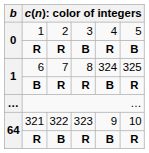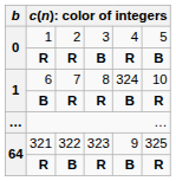 <table class="wikitable floatright" style="text-align:right">
 <tr>
 <th><em>b</em></th>
 <th colspan="5"><em>c</em>(<em>n</em>): color of integers</th>
 </tr>
 <tr>
 <th rowspan="2">0</th>
 <td>1</td>
 <td>2</td>
 <td>3</td>
 <td>4</td>
 <td>5</td>
 </tr>
 <tr>
 <td> <strong><span>R</span></strong> </td>
 <td> <strong><span>R</span></strong> </td>
 <td> <strong><span>B</span></strong> </td>
 <td> <strong><span>R</span></strong> </td>
 <td> <strong><span>B</span></strong> </td>
 </tr>
 <tr>
 <th rowspan="2">1</th>
 <td>6</td>
 <td>7</td>
 <td>8</td>
 <td>324</td>
-<td>325</td>
+<td>10</td>
 </tr>
 <tr>
 <td> <strong><span>B</span></strong> </td>
 <td> <strong><span>R</span></strong> </td>
 <td> <strong><span>R</span></strong> </td>
 <td> <strong><span>B</span></strong> </td>
 <td> <strong><span>R</span></strong> </td>
 </tr>
 <tr>
 <th>…</th>
 <td colspan="5">…</td>
 </tr>
 <tr>
 <th rowspan="2">64</th>
 <td>321</td>
 <td>322</td>
 <td>323</td>
 <td>9</td>
-<td>10</td>
+<td>325</td>
 </tr>
 <tr>
 <td> <strong><span>R</span></strong> </td>
 <td> <strong><span>B</span></strong> </td>
 <td> <strong><span>R</span></strong> </td>
 <td> <strong><span>B</span></strong> </td>
 <td> <strong><span>R</span></strong> </td>
 </tr>
 </table>
